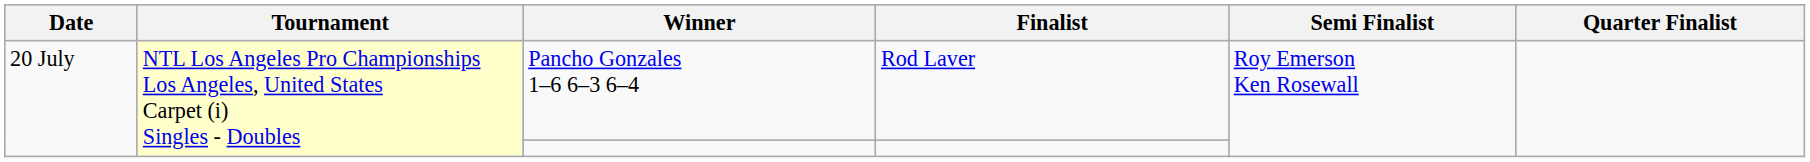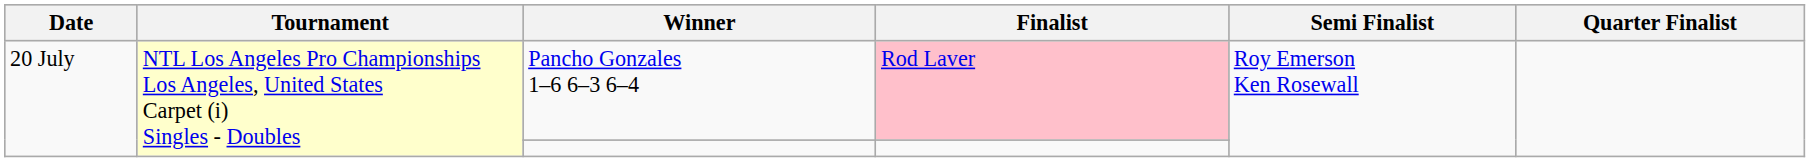 <table class="wikitable" style="font-size:85%;">
 <tr>
 <th width="75">Date</th>
 <th width="230">Tournament</th>
 <th width="210">Winner</th>
 <th width="210">Finalist</th>
 <th width="170">Semi Finalist</th>
 <th width="170">Quarter Finalist</th>
 </tr>
 <tr valign=top>
 <td rowspan=2>20 July</td>
 <td style="background:#ffc;" rowspan=2><a href='#'>NTL Los Angeles Pro Championships</a><br> <a href='#'>Los Angeles</a>, <a href='#'>United States</a><br>Carpet (i)<br><a href='#'>Singles</a> - <a href='#'>Doubles</a></td>
 <td> <a href='#'>Pancho Gonzales</a><br>1–6 6–3 6–4</td>
-<td> <a href='#'>Rod Laver</a></td>
+<td style="background: pink;"> <a href='#'>Rod Laver</a></td>
 <td rowspan=2> <a href='#'>Roy Emerson</a> <br>  <a href='#'>Ken Rosewall</a></td>
 <td rowspan=2></td>
 </tr>
 <tr valign=top>
 <td></td>
 <td></td>
 </tr>
 </table>
